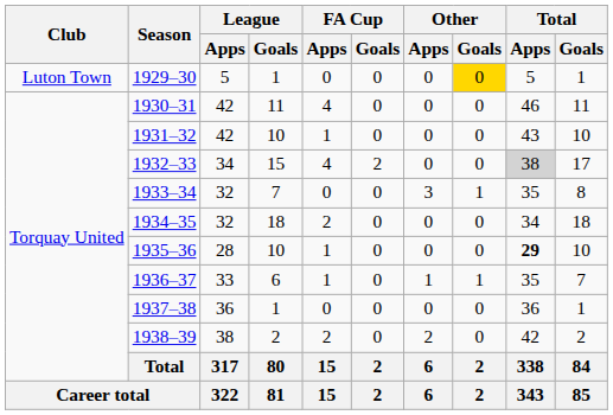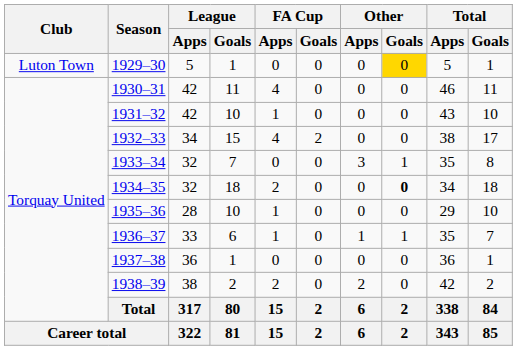 <table class="wikitable" style="text-align: center;">
 <tr>
 <th rowspan="2">Club</th>
 <th rowspan="2">Season</th>
 <th colspan="2">League</th>
 <th colspan="2">FA Cup</th>
 <th colspan="2">Other</th>
 <th colspan="2">Total</th>
 </tr>
 <tr>
 <th>Apps</th>
 <th>Goals</th>
 <th>Apps</th>
 <th>Goals</th>
 <th>Apps</th>
 <th>Goals</th>
 <th>Apps</th>
 <th>Goals</th>
 </tr>
 <tr>
 <td><a href='#'>Luton Town</a></td>
 <td><a href='#'>1929–30</a></td>
 <td>5</td>
 <td>1</td>
 <td>0</td>
 <td>0</td>
 <td>0</td>
 <td style="background: gold;">0</td>
 <td>5</td>
 <td>1</td>
 </tr>
 <tr>
 <td rowspan="10"><a href='#'>Torquay United</a></td>
 <td><a href='#'>1930–31</a></td>
 <td>42</td>
 <td>11</td>
 <td>4</td>
 <td>0</td>
 <td>0</td>
 <td>0</td>
 <td>46</td>
 <td>11</td>
 </tr>
 <tr>
 <td><a href='#'>1931–32</a></td>
 <td>42</td>
 <td>10</td>
 <td>1</td>
 <td>0</td>
 <td>0</td>
 <td>0</td>
 <td>43</td>
 <td>10</td>
 </tr>
 <tr>
 <td><a href='#'>1932–33</a></td>
 <td>34</td>
 <td>15</td>
 <td>4</td>
 <td>2</td>
 <td>0</td>
 <td>0</td>
-<td style="background: lightgrey;">38</td>
+<td>38</td>
 <td>17</td>
 </tr>
 <tr>
 <td><a href='#'>1933–34</a></td>
 <td>32</td>
 <td>7</td>
 <td>0</td>
 <td>0</td>
 <td>3</td>
 <td>1</td>
 <td>35</td>
 <td>8</td>
 </tr>
 <tr>
 <td><a href='#'>1934–35</a></td>
 <td>32</td>
 <td>18</td>
 <td>2</td>
 <td>0</td>
 <td>0</td>
-<td>0</td>
+<td><strong>0</strong></td>
 <td>34</td>
 <td>18</td>
 </tr>
 <tr>
 <td><a href='#'>1935–36</a></td>
 <td>28</td>
 <td>10</td>
 <td>1</td>
 <td>0</td>
 <td>0</td>
 <td>0</td>
-<td><strong>29</strong></td>
+<td>29</td>
 <td>10</td>
 </tr>
 <tr>
 <td><a href='#'>1936–37</a></td>
 <td>33</td>
 <td>6</td>
 <td>1</td>
 <td>0</td>
 <td>1</td>
 <td>1</td>
 <td>35</td>
 <td>7</td>
 </tr>
 <tr>
 <td><a href='#'>1937–38</a></td>
 <td>36</td>
 <td>1</td>
 <td>0</td>
 <td>0</td>
 <td>0</td>
 <td>0</td>
 <td>36</td>
 <td>1</td>
 </tr>
 <tr>
 <td><a href='#'>1938–39</a></td>
 <td>38</td>
 <td>2</td>
 <td>2</td>
 <td>0</td>
 <td>2</td>
 <td>0</td>
 <td>42</td>
 <td>2</td>
 </tr>
 <tr>
 <th>Total</th>
 <th>317</th>
 <th>80</th>
 <th>15</th>
 <th>2</th>
 <th>6</th>
 <th>2</th>
 <th>338</th>
 <th>84</th>
 </tr>
 <tr>
 <th colspan="2">Career total</th>
 <th>322</th>
 <th>81</th>
 <th>15</th>
 <th>2</th>
 <th>6</th>
 <th>2</th>
 <th>343</th>
 <th>85</th>
 </tr>
 </table>
